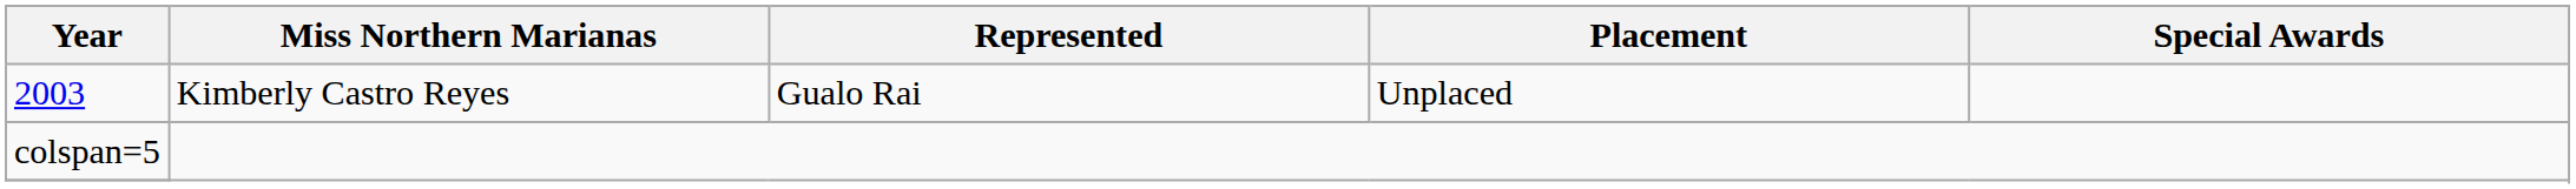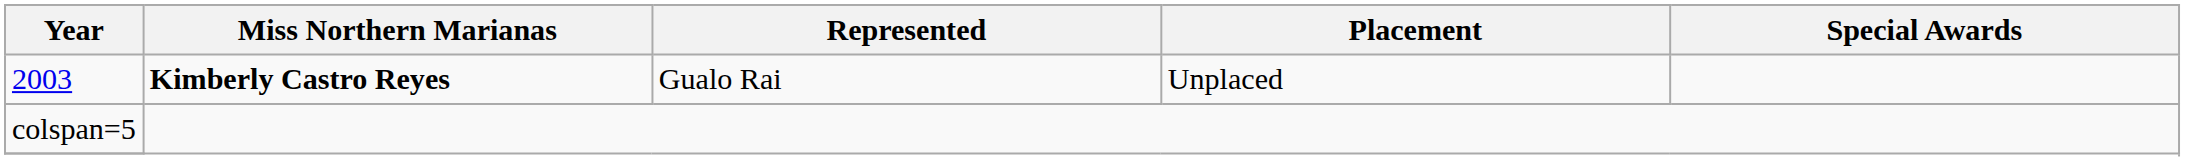 <table class="wikitable " style="font-size: 95%;">
 <tr>
 <th width="60">Year</th>
 <th width="250">Miss Northern Marianas</th>
 <th width="250">Represented</th>
 <th width="250">Placement</th>
 <th width="250">Special Awards</th>
 </tr>
 <tr>
 <td><a href='#'>2003</a></td>
-<td>Kimberly Castro Reyes</td>
+<td><strong>Kimberly Castro Reyes</strong></td>
 <td>Gualo Rai</td>
 <td>Unplaced</td>
 <td></td>
 </tr>
 <tr>
 <td>colspan=5 </td>
 </tr>
 <tr>
 </tr>
 </table>
